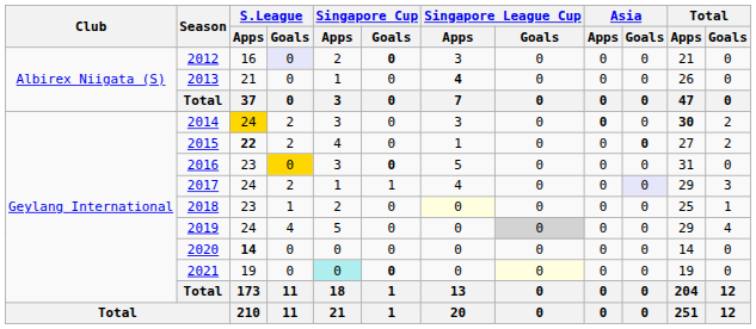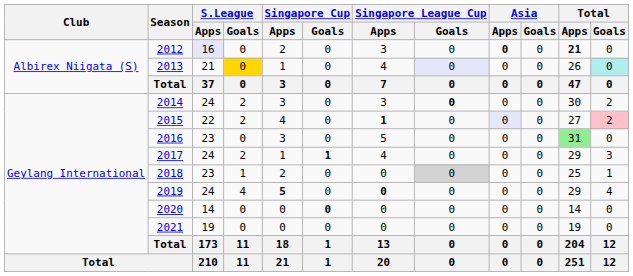 <table style="text-align:center" class="wikitable">
 <tr>
 <th rowspan="2">Club</th>
 <th rowspan="2">Season</th>
 <th colspan="2"><a href='#'>S.League</a></th>
 <th colspan="2"><a href='#'>Singapore Cup</a></th>
 <th colspan="2"><a href='#'>Singapore League Cup</a></th>
 <th colspan="2"><a href='#'>Asia</a></th>
 <th colspan="2">Total</th>
 </tr>
 <tr>
 <th>Apps</th>
 <th>Goals</th>
 <th>Apps</th>
 <th>Goals</th>
 <th>Apps</th>
 <th>Goals</th>
 <th>Apps</th>
 <th>Goals</th>
 <th>Apps</th>
 <th>Goals</th>
 </tr>
 <tr>
 <td rowspan="3"><a href='#'>Albirex Niigata (S)</a></td>
 <td><a href='#'>2012</a></td>
-<td>16</td>
-<td style="background: lavender;">0</td>
+<td style="background: lavender;">16</td>
+<td>0</td>
 <td>2</td>
-<td><strong>0</strong></td>
+<td>0</td>
 <td>3</td>
 <td>0</td>
+<td><strong>0</strong></td>
 <td>0</td>
-<td>0</td>
-<td>21</td>
+<td><strong>21</strong></td>
 <td>0</td>
 </tr>
 <tr>
 <td><a href='#'>2013</a></td>
 <td>21</td>
-<td>0</td>
+<td style="background: gold;">0</td>
 <td>1</td>
 <td>0</td>
-<td><strong>4</strong></td>
-<td>0</td>
+<td>4</td>
+<td style="background: lavender;">0</td>
 <td>0</td>
 <td>0</td>
 <td>26</td>
-<td>0</td>
+<td style="background: paleturquoise;">0</td>
 </tr>
 <tr>
 <th>Total</th>
 <th>37</th>
 <th>0</th>
 <th>3</th>
 <th>0</th>
 <th>7</th>
 <th>0</th>
 <th>0</th>
 <th>0</th>
 <th>47</th>
 <th>0</th>
 </tr>
 <tr>
 <td rowspan="9"><a href='#'>Geylang International</a></td>
 <td><a href='#'>2014</a></td>
-<td style="background: gold;">24</td>
+<td>24</td>
 <td>2</td>
 <td>3</td>
 <td>0</td>
 <td>3</td>
-<td>0</td>
 <td><strong>0</strong></td>
 <td>0</td>
-<td><strong>30</strong></td>
+<td>0</td>
+<td>30</td>
 <td>2</td>
 </tr>
 <tr>
 <td><a href='#'>2015</a></td>
-<td><strong>22</strong></td>
+<td>22</td>
 <td>2</td>
 <td>4</td>
 <td>0</td>
-<td>1</td>
+<td><strong>1</strong></td>
 <td>0</td>
+<td style="background: lavender;">0</td>
 <td>0</td>
-<td><strong>0</strong></td>
 <td>27</td>
-<td>2</td>
+<td style="background: pink;">2</td>
 </tr>
 <tr>
 <td><a href='#'>2016</a></td>
 <td>23</td>
-<td style="background: gold;">0</td>
+<td>0</td>
 <td>3</td>
-<td><strong>0</strong></td>
+<td>0</td>
 <td>5</td>
 <td>0</td>
 <td>0</td>
 <td>0</td>
-<td>31</td>
+<td style="background: lightgreen;">31</td>
 <td>0</td>
 </tr>
 <tr>
 <td><a href='#'>2017</a></td>
 <td>24</td>
 <td>2</td>
 <td>1</td>
-<td>1</td>
+<td><strong>1</strong></td>
 <td>4</td>
 <td>0</td>
 <td>0</td>
-<td style="background: lavender;">0</td>
+<td>0</td>
 <td>29</td>
 <td>3</td>
 </tr>
 <tr>
 <td><a href='#'>2018</a></td>
 <td>23</td>
 <td>1</td>
 <td>2</td>
 <td>0</td>
-<td style="background: lightyellow;">0</td>
 <td>0</td>
+<td style="background: lightgrey;">0</td>
 <td>0</td>
 <td>0</td>
 <td>25</td>
 <td>1</td>
 </tr>
 <tr>
 <td><a href='#'>2019</a></td>
 <td>24</td>
 <td>4</td>
-<td>5</td>
+<td><strong>5</strong></td>
 <td>0</td>
+<td><strong>0</strong></td>
 <td>0</td>
-<td style="background: lightgrey;">0</td>
 <td>0</td>
 <td>0</td>
 <td>29</td>
 <td>4</td>
 </tr>
 <tr>
 <td><a href='#'>2020</a></td>
-<td><strong>14</strong></td>
+<td>14</td>
 <td>0</td>
 <td>0</td>
-<td>0</td>
+<td><strong>0</strong></td>
 <td>0</td>
 <td>0</td>
 <td>0</td>
 <td>0</td>
 <td>14</td>
 <td>0</td>
 </tr>
 <tr>
 <td><a href='#'>2021</a></td>
 <td>19</td>
 <td>0</td>
-<td style="background: paleturquoise;">0</td>
-<td><strong>0</strong></td>
 <td>0</td>
-<td style="background: lightyellow;">0</td>
+<td>0</td>
+<td>0</td>
+<td>0</td>
 <td>0</td>
 <td>0</td>
 <td>19</td>
 <td>0</td>
 </tr>
 <tr>
 <th>Total</th>
 <th>173</th>
 <th>11</th>
 <th>18</th>
 <th>1</th>
 <th>13</th>
 <th>0</th>
 <th>0</th>
 <th>0</th>
 <th>204</th>
 <th>12</th>
 </tr>
 <tr>
 <th colspan=2>Total</th>
 <th>210</th>
 <th>11</th>
 <th>21</th>
 <th>1</th>
 <th>20</th>
 <th>0</th>
 <th>0</th>
 <th>0</th>
 <th>251</th>
 <th>12</th>
 </tr>
 </table>
